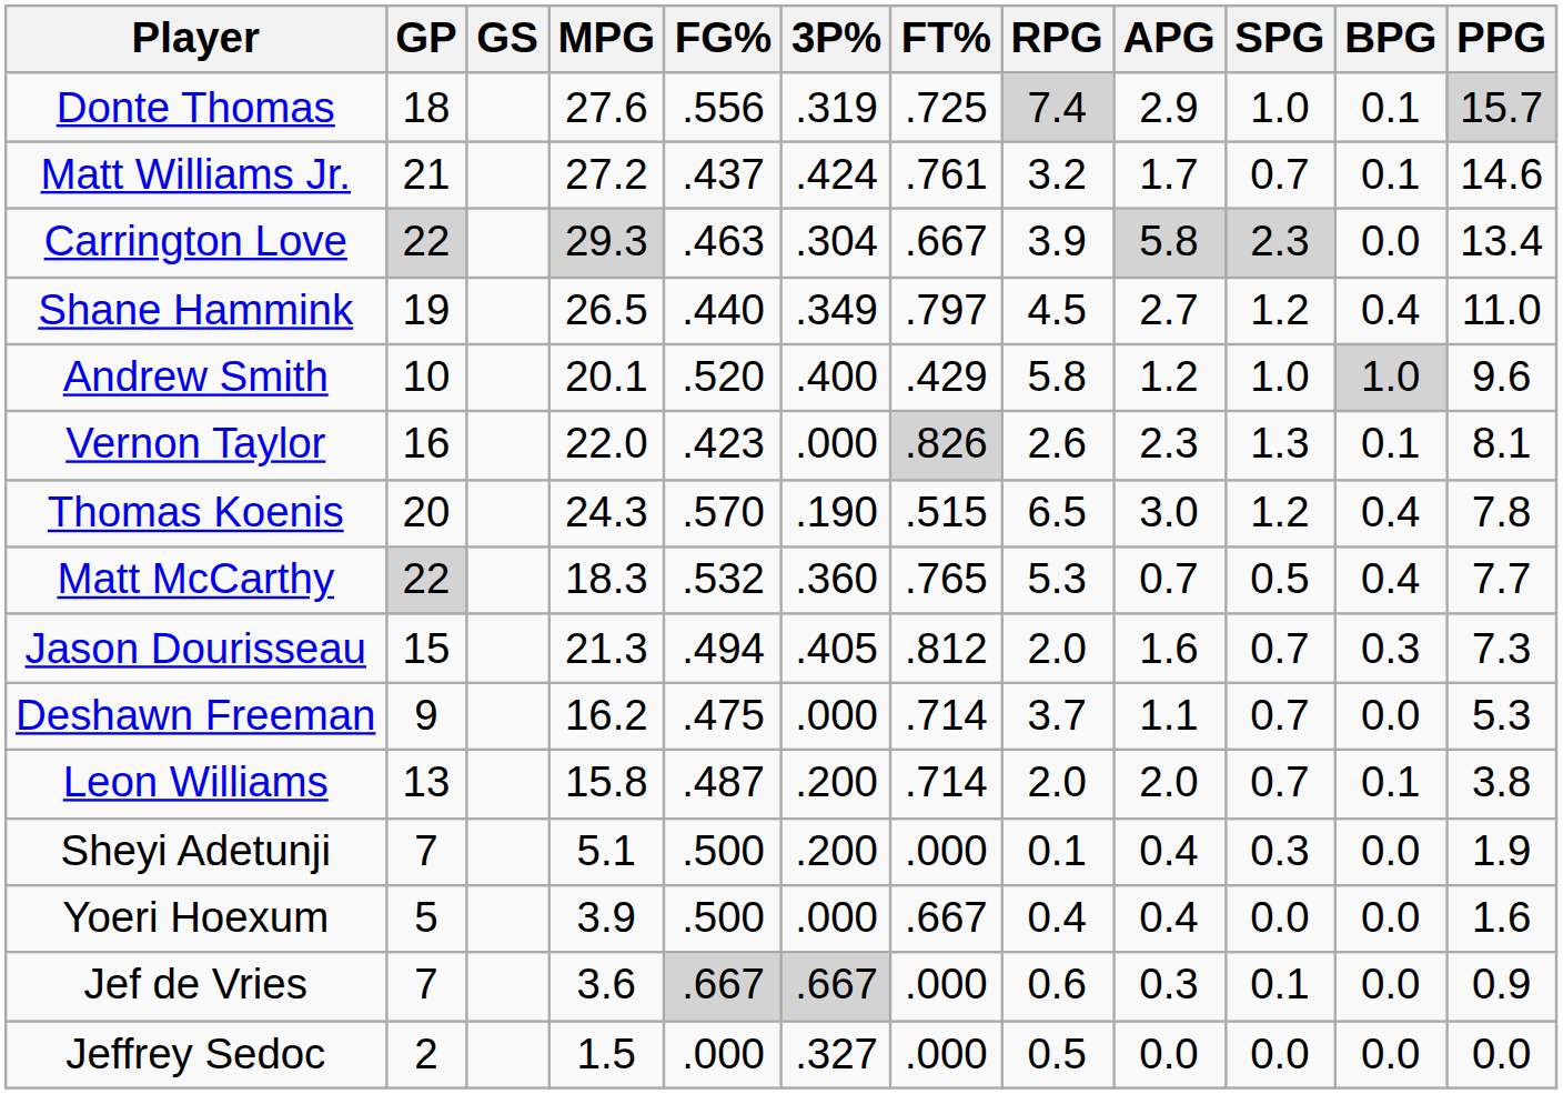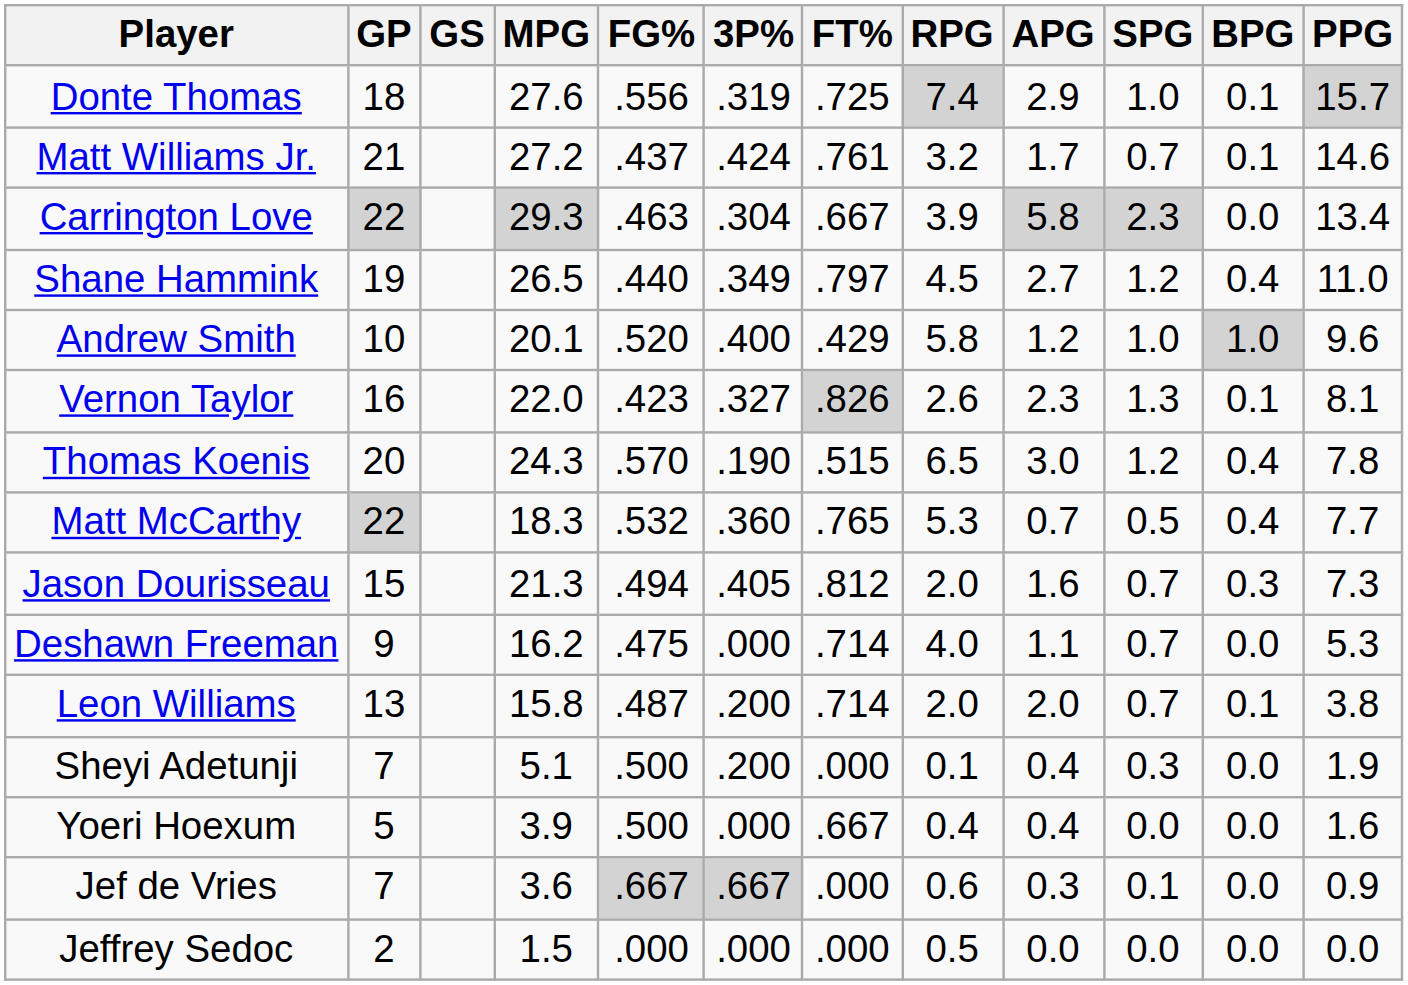 <table class="wikitable sortable" style="text-align:center;">
 <tr>
 <th>Player</th>
 <th>GP</th>
 <th>GS</th>
 <th>MPG</th>
 <th>FG%</th>
 <th>3P%</th>
 <th>FT%</th>
 <th>RPG</th>
 <th>APG</th>
 <th>SPG</th>
 <th>BPG</th>
 <th>PPG</th>
 </tr>
 <tr>
 <td><a href='#'>Donte Thomas</a></td>
 <td>18</td>
 <td></td>
 <td>27.6</td>
 <td>.556</td>
 <td>.319</td>
 <td>.725</td>
 <td style="background:#D3D3D3;">7.4</td>
 <td>2.9</td>
 <td>1.0</td>
 <td>0.1</td>
 <td style="background:#D3D3D3;">15.7</td>
 </tr>
 <tr>
 <td><a href='#'>Matt Williams Jr.</a></td>
 <td>21</td>
 <td></td>
 <td>27.2</td>
 <td>.437</td>
 <td>.424</td>
 <td>.761</td>
 <td>3.2</td>
 <td>1.7</td>
 <td>0.7</td>
 <td>0.1</td>
 <td>14.6</td>
 </tr>
 <tr>
 <td><a href='#'>Carrington Love</a></td>
 <td style="background:#D3D3D3;">22</td>
 <td></td>
 <td style="background:#D3D3D3;">29.3</td>
 <td>.463</td>
 <td>.304</td>
 <td>.667</td>
 <td>3.9</td>
 <td style="background:#D3D3D3;">5.8</td>
 <td style="background:#D3D3D3;">2.3</td>
 <td>0.0</td>
 <td>13.4</td>
 </tr>
 <tr>
 <td><a href='#'>Shane Hammink</a></td>
 <td>19</td>
 <td></td>
 <td>26.5</td>
 <td>.440</td>
 <td>.349</td>
 <td>.797</td>
 <td>4.5</td>
 <td>2.7</td>
 <td>1.2</td>
 <td>0.4</td>
 <td>11.0</td>
 </tr>
 <tr>
 <td><a href='#'>Andrew Smith</a></td>
 <td>10</td>
 <td></td>
 <td>20.1</td>
 <td>.520</td>
 <td>.400</td>
 <td>.429</td>
 <td>5.8</td>
 <td>1.2</td>
 <td>1.0</td>
 <td style="background:#D3D3D3;">1.0</td>
 <td>9.6</td>
 </tr>
 <tr>
 <td><a href='#'>Vernon Taylor</a></td>
 <td>16</td>
 <td></td>
 <td>22.0</td>
 <td>.423</td>
-<td>.000</td>
+<td>.327</td>
 <td style="background:#D3D3D3;">.826</td>
 <td>2.6</td>
 <td>2.3</td>
 <td>1.3</td>
 <td>0.1</td>
 <td>8.1</td>
 </tr>
 <tr>
 <td><a href='#'>Thomas Koenis</a></td>
 <td>20</td>
 <td></td>
 <td>24.3</td>
 <td>.570</td>
 <td>.190</td>
 <td>.515</td>
 <td>6.5</td>
 <td>3.0</td>
 <td>1.2</td>
 <td>0.4</td>
 <td>7.8</td>
 </tr>
 <tr>
 <td><a href='#'>Matt McCarthy</a></td>
 <td style="background:#D3D3D3;">22</td>
 <td></td>
 <td>18.3</td>
 <td>.532</td>
 <td>.360</td>
 <td>.765</td>
 <td>5.3</td>
 <td>0.7</td>
 <td>0.5</td>
 <td>0.4</td>
 <td>7.7</td>
 </tr>
 <tr>
 <td><a href='#'>Jason Dourisseau</a></td>
 <td>15</td>
 <td></td>
 <td>21.3</td>
 <td>.494</td>
 <td>.405</td>
 <td>.812</td>
 <td>2.0</td>
 <td>1.6</td>
 <td>0.7</td>
 <td>0.3</td>
 <td>7.3</td>
 </tr>
 <tr>
 <td><a href='#'>Deshawn Freeman</a></td>
 <td>9</td>
 <td></td>
 <td>16.2</td>
 <td>.475</td>
 <td>.000</td>
 <td>.714</td>
-<td>3.7</td>
+<td>4.0</td>
 <td>1.1</td>
 <td>0.7</td>
 <td>0.0</td>
 <td>5.3</td>
 </tr>
 <tr>
 <td><a href='#'>Leon Williams</a></td>
 <td>13</td>
 <td></td>
 <td>15.8</td>
 <td>.487</td>
 <td>.200</td>
 <td>.714</td>
 <td>2.0</td>
 <td>2.0</td>
 <td>0.7</td>
 <td>0.1</td>
 <td>3.8</td>
 </tr>
 <tr>
 <td>Sheyi Adetunji</td>
 <td>7</td>
 <td></td>
 <td>5.1</td>
 <td>.500</td>
 <td>.200</td>
 <td>.000</td>
 <td>0.1</td>
 <td>0.4</td>
 <td>0.3</td>
 <td>0.0</td>
 <td>1.9</td>
 </tr>
 <tr>
 <td>Yoeri Hoexum</td>
 <td>5</td>
 <td></td>
 <td>3.9</td>
 <td>.500</td>
 <td>.000</td>
 <td>.667</td>
 <td>0.4</td>
 <td>0.4</td>
 <td>0.0</td>
 <td>0.0</td>
 <td>1.6</td>
 </tr>
 <tr>
 <td>Jef de Vries</td>
 <td>7</td>
 <td></td>
 <td>3.6</td>
 <td style="background:#D3D3D3;">.667</td>
 <td style="background:#D3D3D3;">.667</td>
 <td>.000</td>
 <td>0.6</td>
 <td>0.3</td>
 <td>0.1</td>
 <td>0.0</td>
 <td>0.9</td>
 </tr>
 <tr>
 <td>Jeffrey Sedoc</td>
 <td>2</td>
 <td></td>
 <td>1.5</td>
 <td>.000</td>
-<td>.327</td>
+<td>.000</td>
 <td>.000</td>
 <td>0.5</td>
 <td>0.0</td>
 <td>0.0</td>
 <td>0.0</td>
 <td>0.0</td>
 </tr>
 </table>
